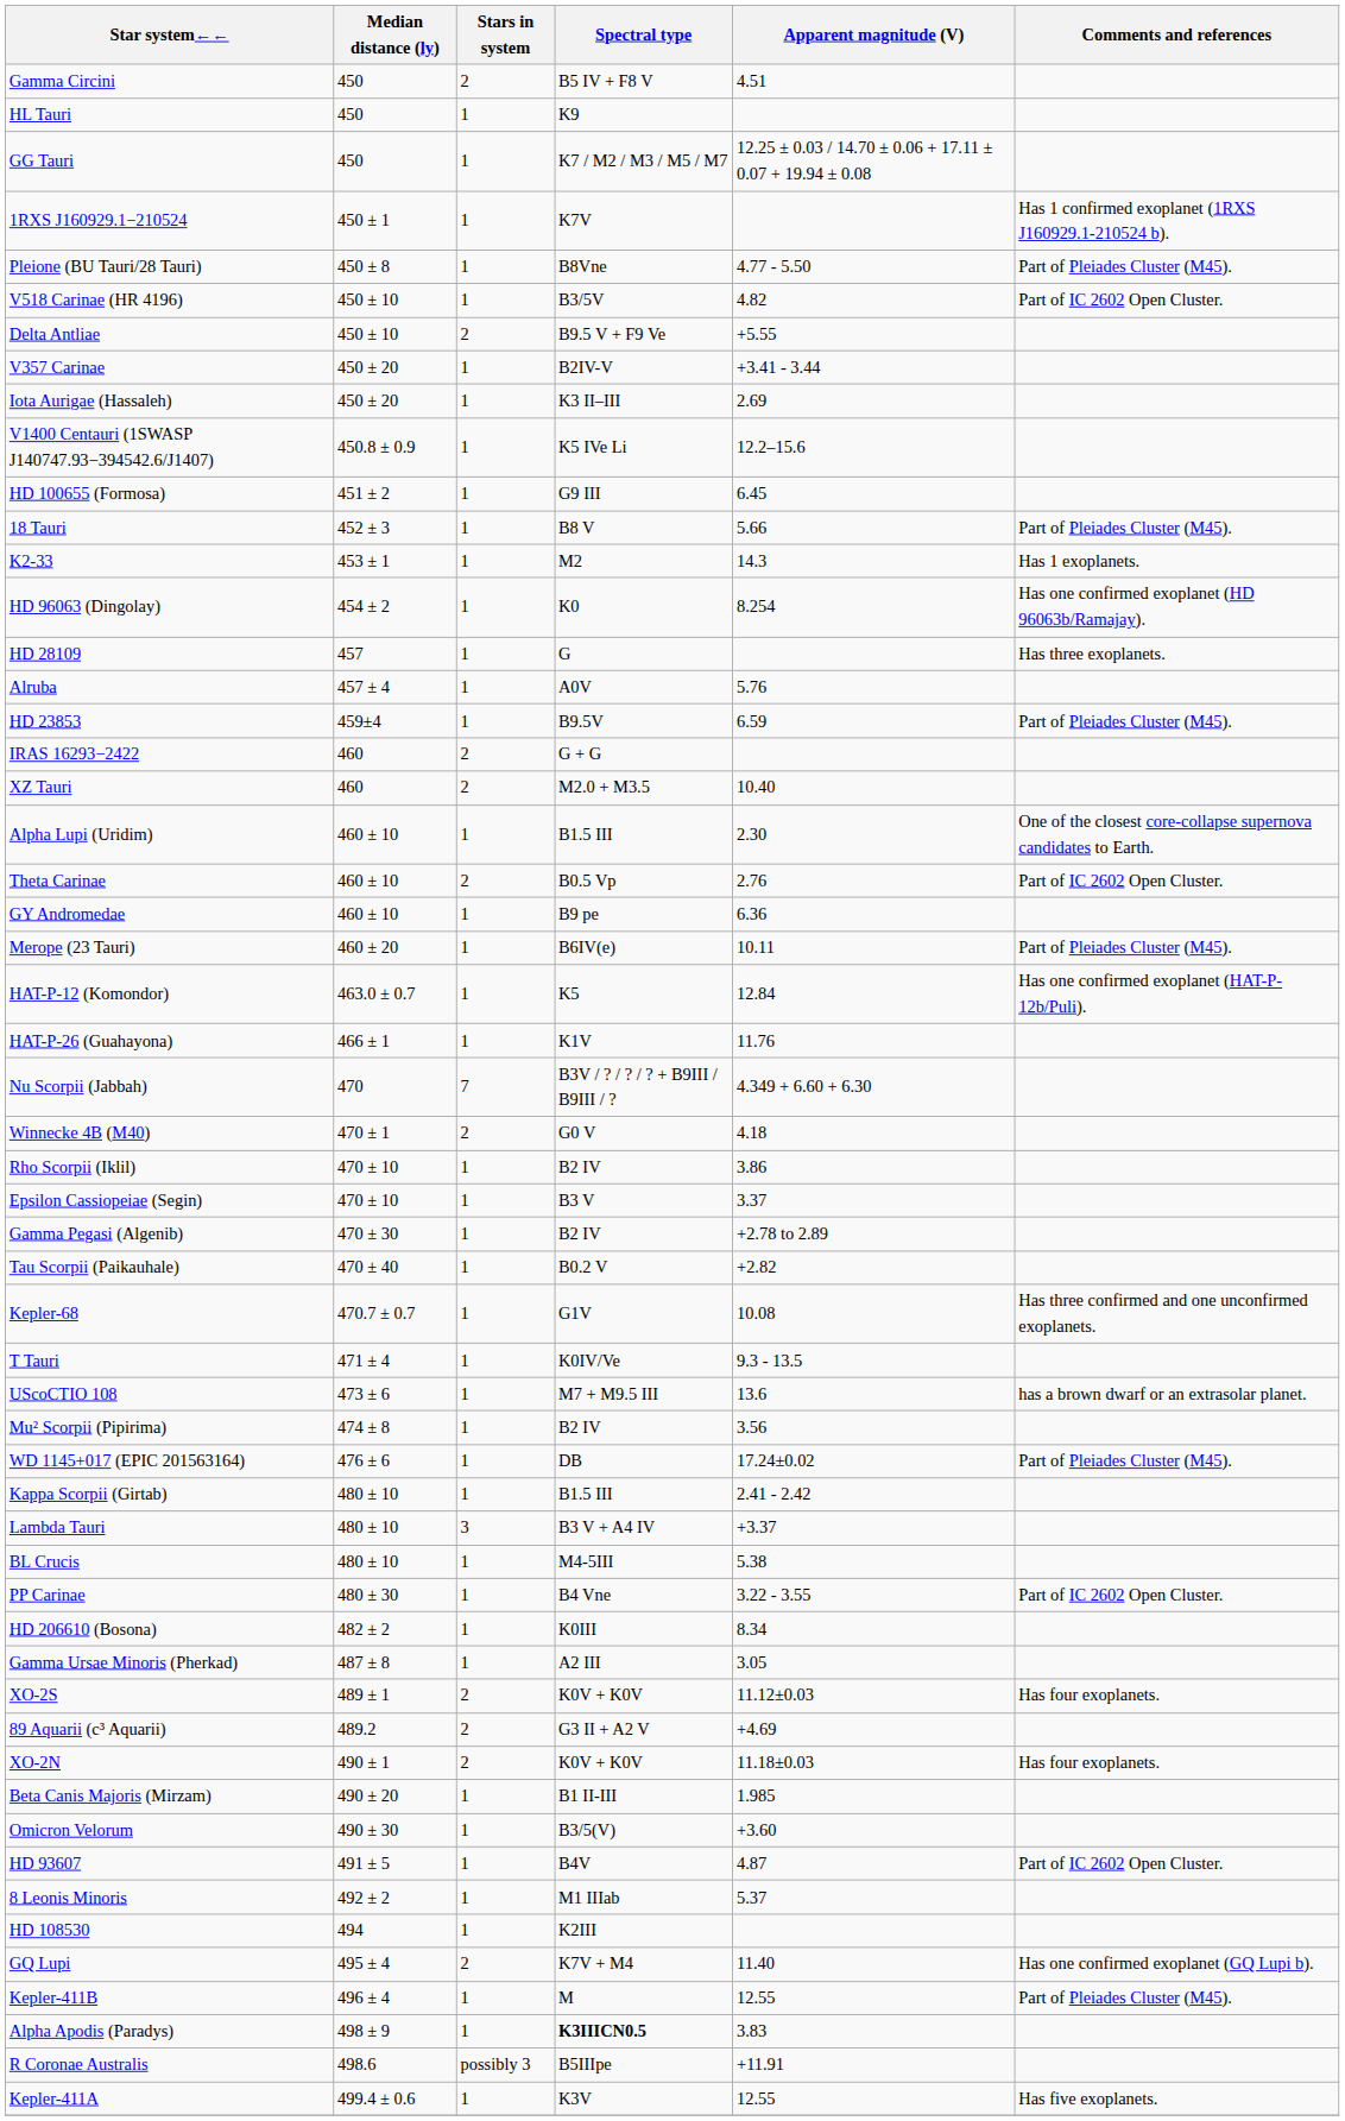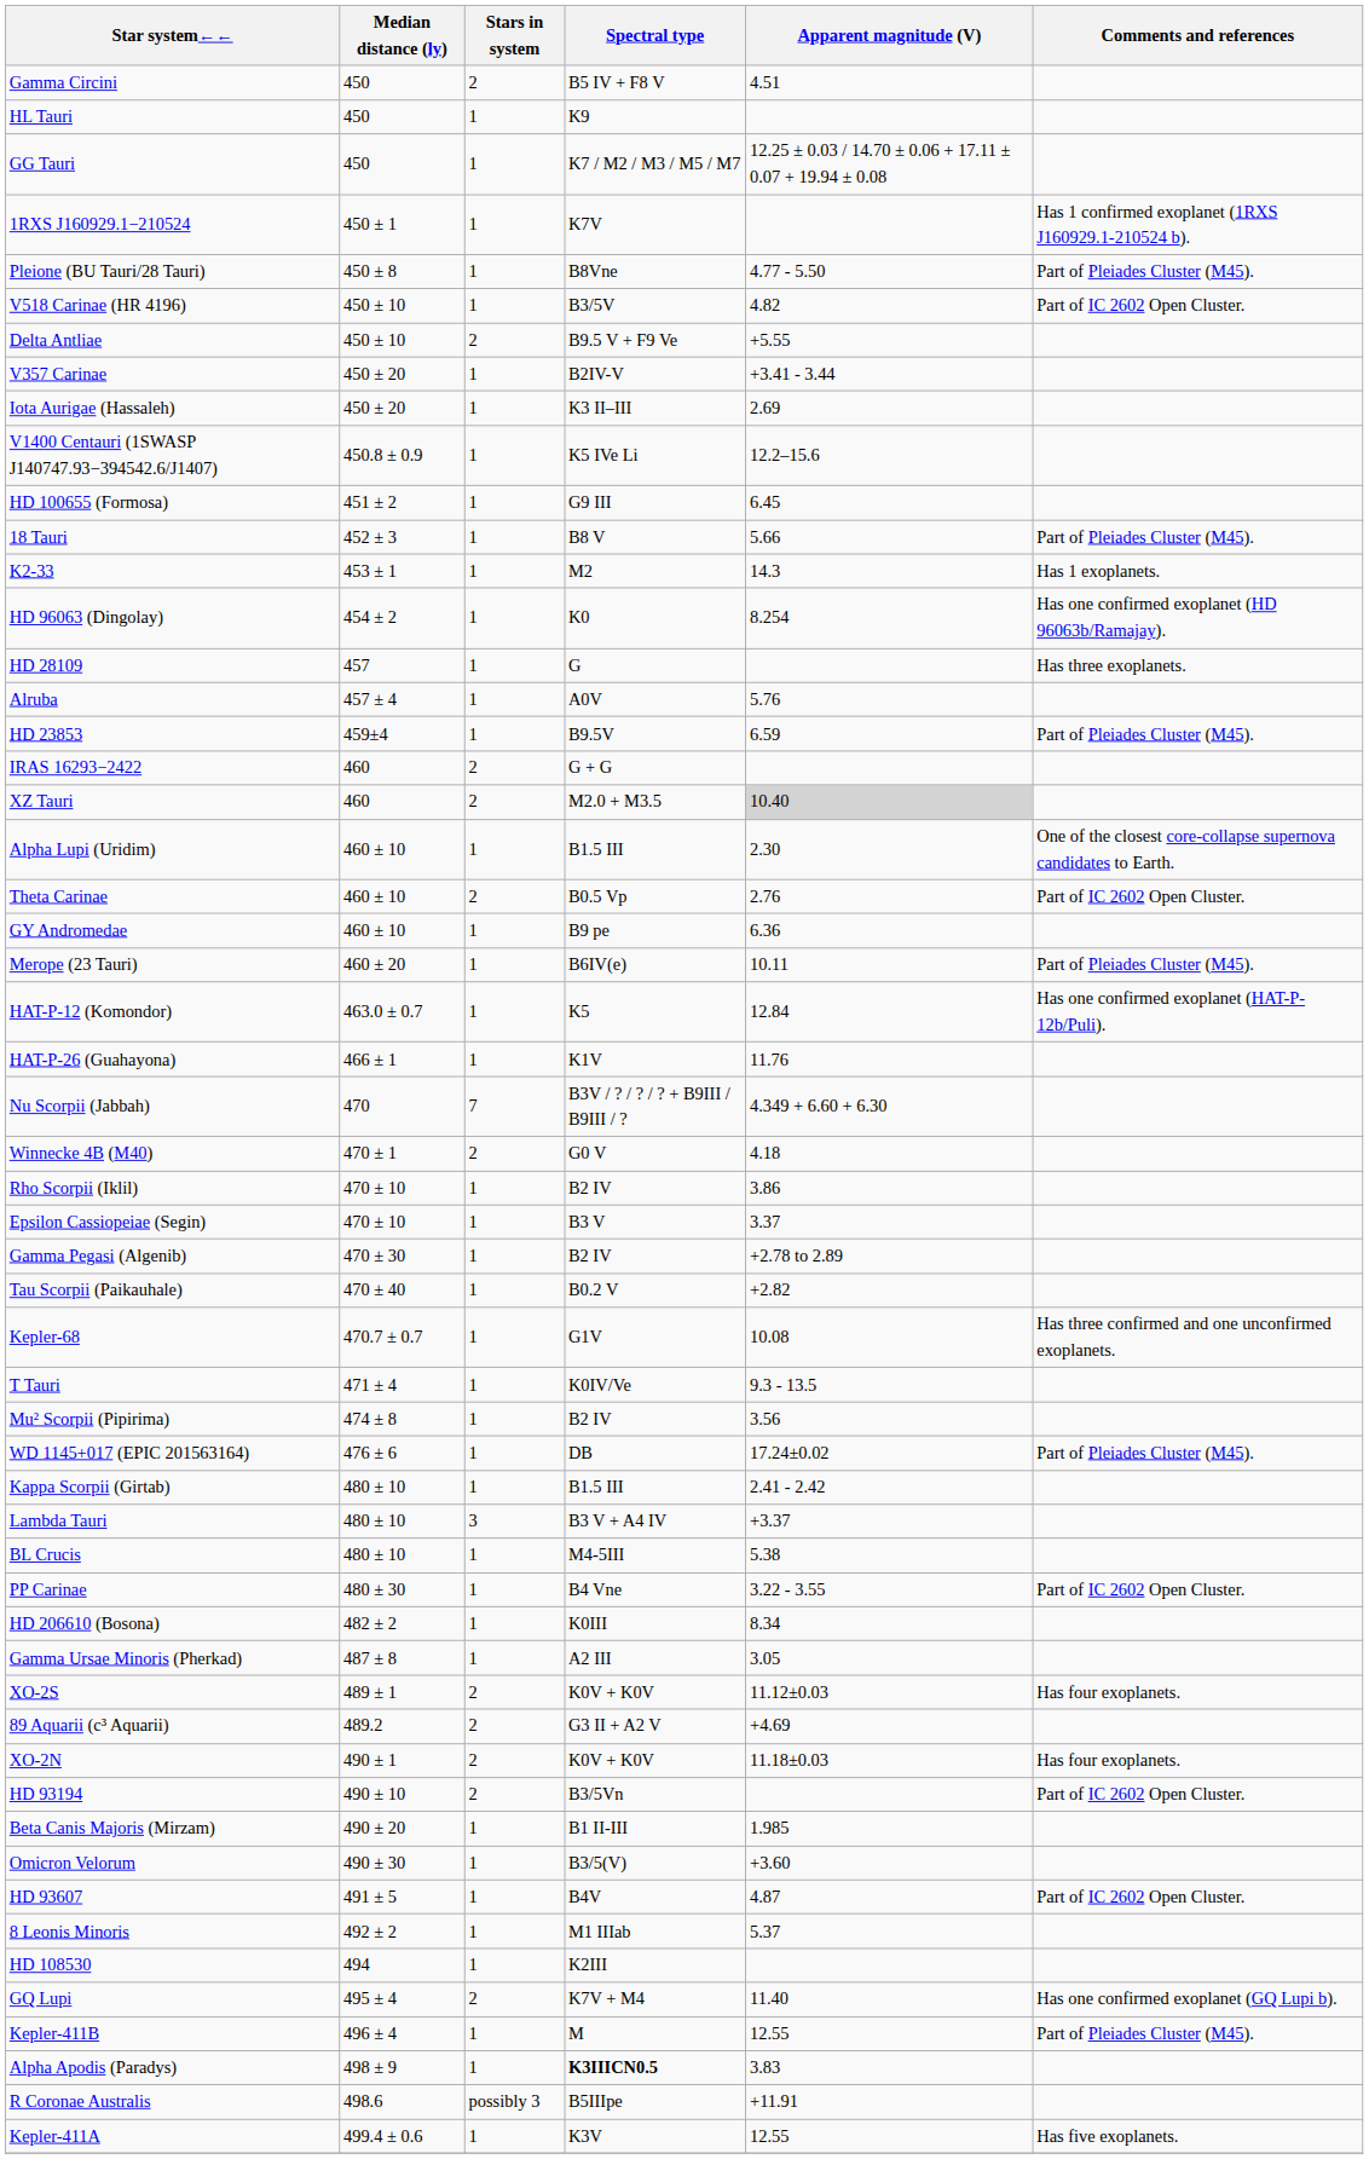 <table class="wikitable sortable" style="font-size:1.00em; line-height:1.5em; position:relative;">
 <tr>
 <th scope="col">Star system<span><a href='#'>←</a></span><span><a href='#'>←</a></span></th>
 <th scope="col">Median distance (<a href='#'>ly</a>)</th>
 <th scope="col">Stars in system</th>
 <th scope="col"><a href='#'>Spectral type</a></th>
 <th scope="col"><a href='#'>Apparent magnitude</a> (V)</th>
 <th scope="col">Comments and references</th>
 </tr>
 <tr>
 <td><a href='#'>Gamma Circini</a></td>
 <td>450</td>
 <td>2</td>
 <td style="background: ">B5 IV + F8 V</td>
 <td>4.51</td>
 <td></td>
 </tr>
 <tr>
 <td><a href='#'>HL Tauri</a></td>
 <td>450</td>
 <td>1</td>
 <td style="background: ">K9</td>
 <td></td>
 <td></td>
 </tr>
 <tr>
 <td><a href='#'>GG Tauri</a></td>
 <td>450</td>
 <td>1</td>
 <td style="background: ">K7 / M2 / M3 / M5 / M7</td>
 <td>12.25 ± 0.03 / 14.70 ± 0.06 + 17.11 ± 0.07 + 19.94 ± 0.08</td>
 <td></td>
 </tr>
 <tr>
 <td><a href='#'>1RXS J160929.1−210524</a></td>
 <td>450 ± 1</td>
 <td>1</td>
 <td style="background: ">K7V</td>
 <td></td>
 <td>Has 1 confirmed exoplanet (<a href='#'>1RXS J160929.1-210524 b</a>).</td>
 </tr>
 <tr>
 <td><a href='#'>Pleione</a> (BU Tauri/28 Tauri)</td>
 <td>450 ± 8</td>
 <td>1</td>
 <td style="background: ">B8Vne</td>
 <td>4.77 - 5.50</td>
 <td>Part of <a href='#'>Pleiades Cluster</a> (<a href='#'>M45</a>).</td>
 </tr>
 <tr>
 <td><a href='#'>V518 Carinae</a> (HR 4196)</td>
 <td>450 ± 10</td>
 <td>1</td>
 <td style="background: ">B3/5V</td>
 <td>4.82</td>
 <td>Part of <a href='#'>IC 2602</a> Open Cluster.</td>
 </tr>
 <tr>
 <td><a href='#'>Delta Antliae</a></td>
 <td>450 ± 10</td>
 <td>2</td>
 <td style="background: ">B9.5 V + F9 Ve</td>
 <td>+5.55</td>
 <td></td>
 </tr>
 <tr>
 <td><a href='#'>V357 Carinae</a></td>
 <td>450 ± 20</td>
 <td>1</td>
 <td style="background: ">B2IV-V</td>
 <td>+3.41 - 3.44</td>
 <td></td>
 </tr>
 <tr>
 <td><a href='#'>Iota Aurigae</a> (Hassaleh)</td>
 <td>450 ± 20</td>
 <td>1</td>
 <td style="background: ">K3 II–III</td>
 <td>2.69</td>
 <td></td>
 </tr>
 <tr>
 <td><a href='#'>V1400 Centauri</a> (1SWASP J140747.93−394542.6/J1407)</td>
 <td>450.8 ± 0.9</td>
 <td>1</td>
 <td style="background: ">K5 IVe Li</td>
 <td>12.2–15.6</td>
 <td></td>
 </tr>
 <tr>
 <td><a href='#'>HD 100655</a> (Formosa)</td>
 <td>451 ± 2</td>
 <td>1</td>
 <td style="background: ">G9 III</td>
 <td>6.45</td>
 <td></td>
 </tr>
 <tr>
 <td><a href='#'>18 Tauri</a></td>
 <td>452 ± 3</td>
 <td>1</td>
 <td style="background: ">B8 V</td>
 <td>5.66</td>
 <td>Part of <a href='#'>Pleiades Cluster</a> (<a href='#'>M45</a>).</td>
 </tr>
 <tr>
 <td><a href='#'>K2-33</a></td>
 <td>453 ± 1</td>
 <td>1</td>
 <td style="background: ">M2</td>
 <td>14.3</td>
 <td>Has 1 exoplanets.</td>
 </tr>
 <tr>
 <td><a href='#'>HD 96063</a> (Dingolay)</td>
 <td>454 ± 2</td>
 <td>1</td>
 <td style="background: ">K0</td>
 <td>8.254</td>
 <td>Has one confirmed exoplanet (<a href='#'>HD 96063b/Ramajay</a>).</td>
 </tr>
 <tr>
 <td><a href='#'>HD 28109</a></td>
 <td>457</td>
 <td>1</td>
 <td style="background: ">G</td>
 <td></td>
 <td>Has three exoplanets.</td>
 </tr>
 <tr>
 <td><a href='#'>Alruba</a></td>
 <td>457 ± 4</td>
 <td>1</td>
 <td style="background: ">A0V</td>
 <td>5.76</td>
 <td></td>
 </tr>
 <tr>
 <td><a href='#'>HD 23853</a></td>
 <td>459±4</td>
 <td>1</td>
 <td style="background: ">B9.5V</td>
 <td>6.59</td>
 <td>Part of <a href='#'>Pleiades Cluster</a> (<a href='#'>M45</a>).</td>
 </tr>
 <tr>
 <td><a href='#'>IRAS 16293−2422</a></td>
 <td>460</td>
 <td>2</td>
 <td style="background: ">G + G</td>
 <td></td>
 <td></td>
 </tr>
 <tr>
 <td><a href='#'>XZ Tauri</a></td>
 <td>460</td>
 <td>2</td>
 <td style="background: ">M2.0 + M3.5</td>
-<td>10.40</td>
+<td style="background: lightgrey;">10.40</td>
 <td></td>
 </tr>
 <tr>
 <td><a href='#'>Alpha Lupi</a> (Uridim)</td>
 <td>460 ± 10</td>
 <td>1</td>
 <td style="background: ">B1.5 III</td>
 <td>2.30</td>
 <td>One of the closest <a href='#'>core-collapse supernova</a> <a href='#'>candidates</a> to Earth.</td>
 </tr>
 <tr>
 <td><a href='#'>Theta Carinae</a></td>
 <td>460 ± 10</td>
 <td>2</td>
 <td style="background: ">B0.5 Vp</td>
 <td>2.76</td>
 <td>Part of <a href='#'>IC 2602</a> Open Cluster.</td>
 </tr>
 <tr>
 <td><a href='#'>GY Andromedae</a></td>
 <td>460 ± 10</td>
 <td>1</td>
 <td style="background: ">B9 pe</td>
 <td>6.36</td>
 <td></td>
 </tr>
 <tr>
 <td><a href='#'>Merope</a> (23 Tauri)</td>
 <td>460 ± 20</td>
 <td>1</td>
 <td style="background: ">B6IV(e)</td>
 <td>10.11</td>
 <td>Part of <a href='#'>Pleiades Cluster</a> (<a href='#'>M45</a>).</td>
 </tr>
 <tr>
 <td><a href='#'>HAT-P-12</a> (Komondor)</td>
 <td>463.0 ± 0.7</td>
 <td>1</td>
 <td style="background: ">K5</td>
 <td>12.84</td>
 <td>Has one confirmed exoplanet (<a href='#'>HAT-P-12b/Puli</a>).</td>
 </tr>
 <tr>
 <td><a href='#'>HAT-P-26</a> (Guahayona)</td>
 <td>466 ± 1</td>
 <td>1</td>
 <td style="background: ">K1V</td>
 <td>11.76</td>
 <td></td>
 </tr>
 <tr>
 <td><a href='#'>Nu Scorpii</a> (Jabbah)</td>
 <td>470</td>
 <td>7</td>
 <td style="background: ">B3V / ? / ? / ? + B9III / B9III / ?</td>
 <td>4.349 + 6.60 + 6.30</td>
 <td></td>
 </tr>
 <tr>
 <td><a href='#'>Winnecke 4B</a> (<a href='#'>M40</a>)</td>
 <td>470 ± 1</td>
 <td>2</td>
 <td style="background: ">G0 V</td>
 <td>4.18</td>
 <td></td>
 </tr>
 <tr>
 <td><a href='#'>Rho Scorpii</a> (Iklil)</td>
 <td>470 ± 10</td>
 <td>1</td>
 <td style="background: ">B2 IV</td>
 <td>3.86</td>
 <td></td>
 </tr>
 <tr>
 <td><a href='#'>Epsilon Cassiopeiae</a> (Segin)</td>
 <td>470 ± 10</td>
 <td>1</td>
 <td style="background: ">B3 V</td>
 <td>3.37</td>
 <td></td>
 </tr>
 <tr>
 <td><a href='#'>Gamma Pegasi</a> (Algenib)</td>
 <td>470 ± 30</td>
 <td>1</td>
 <td style="background: ">B2 IV</td>
 <td>+2.78 to 2.89</td>
 <td></td>
 </tr>
 <tr>
 <td><a href='#'>Tau Scorpii</a> (Paikauhale)</td>
 <td>470 ± 40</td>
 <td>1</td>
 <td style="background: ">B0.2 V</td>
 <td>+2.82</td>
 <td></td>
 </tr>
 <tr>
 <td><a href='#'>Kepler-68</a></td>
 <td>470.7 ± 0.7</td>
 <td>1</td>
 <td style="background: ">G1V</td>
 <td>10.08</td>
 <td>Has three confirmed and one unconfirmed exoplanets.</td>
 </tr>
 <tr>
 <td><a href='#'>T Tauri</a></td>
 <td>471 ± 4</td>
 <td>1</td>
 <td style="background: ">K0IV/Ve</td>
 <td>9.3 - 13.5</td>
 <td></td>
 </tr>
 <tr>
-<td><a href='#'>UScoCTIO 108</a></td>
-<td>473 ± 6</td>
-<td>1</td>
-<td style="background: ">M7 + M9.5 III</td>
-<td>13.6</td>
-<td>has a brown dwarf or an extrasolar planet.</td>
-</tr>
-<tr>
 <td><a href='#'>Mu² Scorpii</a> (Pipirima)</td>
 <td>474 ± 8</td>
 <td>1</td>
 <td style="background: ">B2 IV</td>
 <td>3.56</td>
 <td></td>
 </tr>
 <tr>
 <td><a href='#'>WD 1145+017</a> (EPIC 201563164)</td>
 <td>476 ± 6</td>
 <td>1</td>
 <td style="background: ">DB</td>
 <td>17.24±0.02</td>
 <td>Part of <a href='#'>Pleiades Cluster</a> (<a href='#'>M45</a>).</td>
 </tr>
 <tr>
 <td><a href='#'>Kappa Scorpii</a> (Girtab)</td>
 <td>480 ± 10</td>
 <td>1</td>
 <td style="background: ">B1.5 III</td>
 <td>2.41 - 2.42</td>
 <td></td>
 </tr>
 <tr>
 <td><a href='#'>Lambda Tauri</a></td>
 <td>480 ± 10</td>
 <td>3</td>
 <td style="background: ">B3 V + A4 IV</td>
 <td>+3.37</td>
 <td></td>
 </tr>
 <tr>
 <td><a href='#'>BL Crucis</a></td>
 <td>480 ± 10</td>
 <td>1</td>
 <td style="background: ">M4-5III</td>
 <td>5.38</td>
 <td></td>
 </tr>
 <tr>
 <td><a href='#'>PP Carinae</a></td>
 <td>480 ± 30</td>
 <td>1</td>
 <td style="background: ">B4 Vne</td>
 <td>3.22 - 3.55</td>
 <td>Part of <a href='#'>IC 2602</a> Open Cluster.</td>
 </tr>
 <tr>
 <td><a href='#'>HD 206610</a> (Bosona)</td>
 <td>482 ± 2</td>
 <td>1</td>
 <td style="background: ">K0III</td>
 <td>8.34</td>
 <td></td>
 </tr>
 <tr>
 <td><a href='#'>Gamma Ursae Minoris</a> (Pherkad)</td>
 <td>487 ± 8</td>
 <td>1</td>
 <td style="background: ">A2 III</td>
 <td>3.05</td>
 <td></td>
 </tr>
 <tr>
 <td><a href='#'>XO-2S</a></td>
 <td>489 ± 1</td>
 <td>2</td>
 <td style="background: ">K0V + K0V</td>
 <td>11.12±0.03</td>
 <td>Has four exoplanets.</td>
 </tr>
 <tr>
 <td><a href='#'>89 Aquarii</a> (c³ Aquarii)</td>
 <td>489.2</td>
 <td>2</td>
 <td style="background: ">G3 II + A2 V</td>
 <td>+4.69</td>
 <td></td>
 </tr>
 <tr>
 <td><a href='#'>XO-2N</a></td>
 <td>490 ± 1</td>
 <td>2</td>
 <td style="background: ">K0V + K0V</td>
 <td>11.18±0.03</td>
 <td>Has four exoplanets.</td>
 </tr>
 <tr>
+<td><a href='#'>HD 93194</a></td>
+<td>490 ± 10</td>
+<td>2</td>
+<td style="background: ">B3/5Vn</td>
+<td></td>
+<td>Part of <a href='#'>IC 2602</a> Open Cluster.</td>
+</tr>
+<tr>
 <td><a href='#'>Beta Canis Majoris</a> (Mirzam)</td>
 <td>490 ± 20</td>
 <td>1</td>
 <td style="background: ">B1 II-III</td>
 <td>1.985</td>
 <td></td>
 </tr>
 <tr>
 <td><a href='#'>Omicron Velorum</a></td>
 <td>490 ± 30</td>
 <td>1</td>
 <td style="background: ">B3/5(V)</td>
 <td>+3.60</td>
 <td></td>
 </tr>
 <tr>
 <td><a href='#'>HD 93607</a></td>
 <td>491 ± 5</td>
 <td>1</td>
 <td style="background: ">B4V</td>
 <td>4.87</td>
 <td>Part of <a href='#'>IC 2602</a> Open Cluster.</td>
 </tr>
 <tr>
 <td><a href='#'>8 Leonis Minoris</a></td>
 <td>492 ± 2</td>
 <td>1</td>
 <td style="background: ">M1 IIIab</td>
 <td>5.37</td>
 <td></td>
 </tr>
 <tr>
 <td><a href='#'>HD 108530</a></td>
 <td>494</td>
 <td>1</td>
 <td style="background: ">K2III</td>
 <td></td>
 <td></td>
 </tr>
 <tr>
 <td><a href='#'>GQ Lupi</a></td>
 <td>495 ± 4</td>
 <td>2</td>
 <td style="background: ">K7V + M4</td>
 <td>11.40</td>
 <td>Has one confirmed exoplanet (<a href='#'>GQ Lupi b</a>).</td>
 </tr>
 <tr>
 <td><a href='#'>Kepler-411B</a></td>
 <td>496 ± 4</td>
 <td>1</td>
 <td style="background: ">M</td>
 <td>12.55</td>
 <td>Part of <a href='#'>Pleiades Cluster</a> (<a href='#'>M45</a>).</td>
 </tr>
 <tr>
 <td><a href='#'>Alpha Apodis</a> (Paradys)</td>
 <td>498 ± 9</td>
 <td>1</td>
 <td style="background: "><strong>K3IIICN0.5</strong></td>
 <td>3.83</td>
 <td></td>
 </tr>
 <tr>
 <td><a href='#'>R Coronae Australis</a></td>
 <td>498.6</td>
 <td>possibly 3</td>
 <td style="background: ">B5IIIpe</td>
 <td>+11.91</td>
 <td></td>
 </tr>
 <tr>
 <td><a href='#'>Kepler-411A</a></td>
 <td>499.4 ± 0.6</td>
 <td>1</td>
 <td style="background: ">K3V</td>
 <td>12.55</td>
 <td>Has five exoplanets.</td>
 </tr>
 <tr>
 </tr>
 </table>
